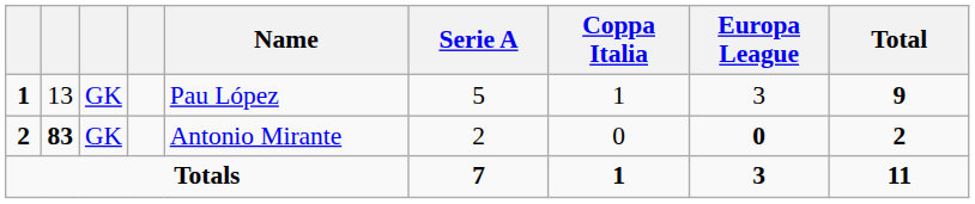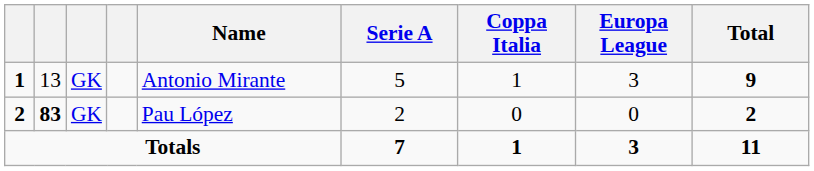 <table class="wikitable" style="text-align:center">
 <tr>
 <th width=15></th>
 <th width=15></th>
 <th width=15></th>
 <th width=15></th>
 <th width=145>Name</th>
 <th width=80><a href='#'>Serie A</a></th>
 <th width=80><a href='#'>Coppa Italia</a></th>
 <th width=80><a href='#'>Europa League</a></th>
 <th width=80>Total</th>
 </tr>
 <tr>
 <td><strong>1</strong></td>
 <td>13</td>
 <td><a href='#'>GK</a></td>
 <td></td>
-<td align=left><a href='#'>Pau López</a></td>
+<td align=left><a href='#'>Antonio Mirante</a></td>
 <td>5</td>
 <td>1</td>
 <td>3</td>
 <td><strong>9</strong></td>
 </tr>
 <tr>
 <td><strong>2</strong></td>
 <td><strong>83</strong></td>
 <td><a href='#'>GK</a></td>
 <td></td>
-<td align=left><a href='#'>Antonio Mirante</a></td>
+<td align=left><a href='#'>Pau López</a></td>
 <td>2</td>
 <td>0</td>
-<td><strong>0</strong></td>
+<td>0</td>
 <td><strong>2</strong></td>
 </tr>
 <tr>
 <td colspan=5><strong>Totals</strong></td>
 <td><strong>7</strong></td>
 <td><strong>1</strong></td>
 <td><strong>3</strong></td>
 <td><strong>11</strong></td>
 </tr>
 </table>
